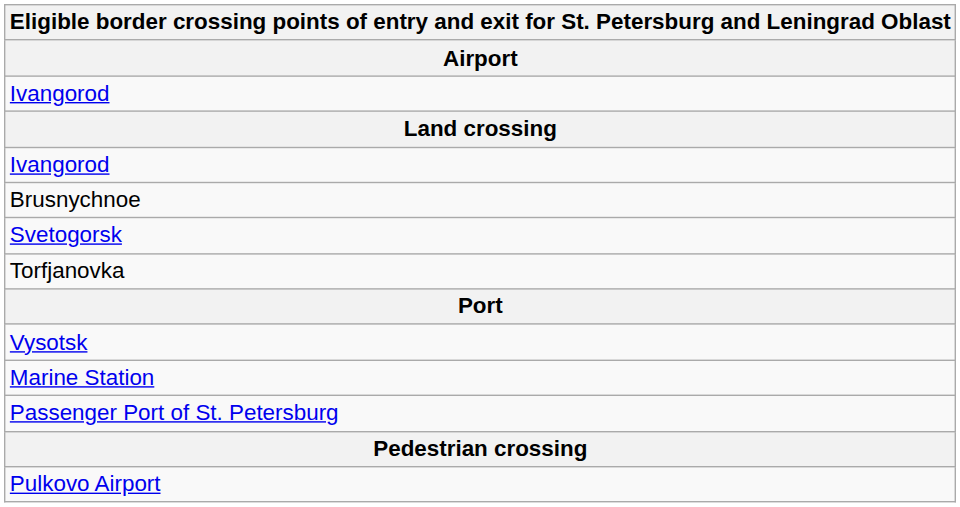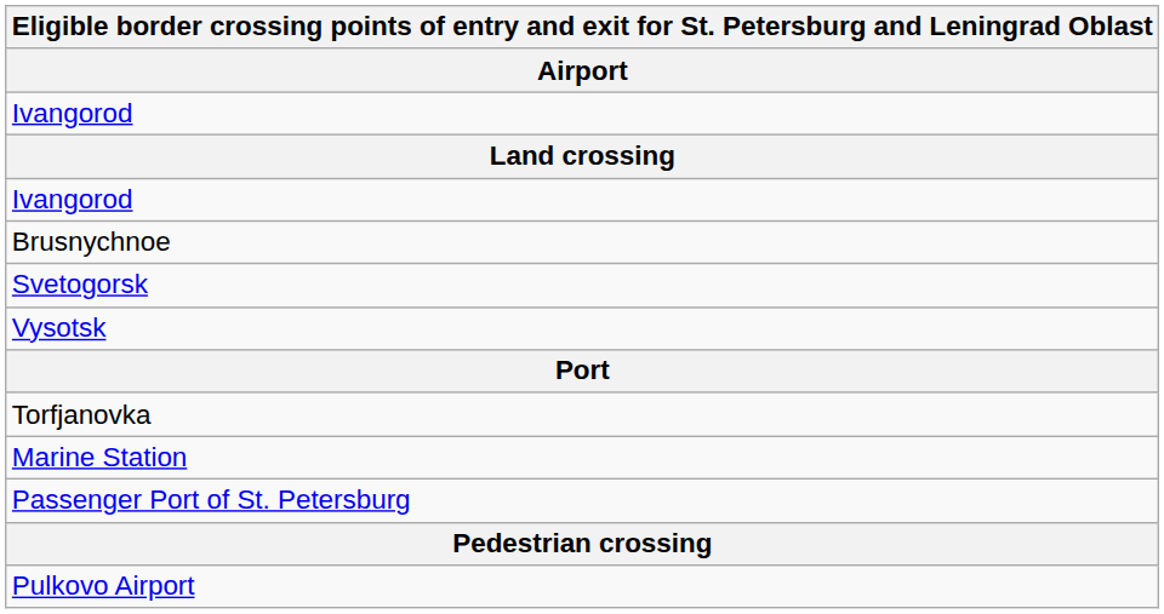 <table class="wikitable collapsible collapsed">
 <tr>
 <th>Eligible border crossing points of entry and exit for St. Petersburg and Leningrad Oblast</th>
 </tr>
 <tr>
 <th>Airport</th>
 </tr>
 <tr>
 <td><a href='#'>Ivangorod</a></td>
 </tr>
 <tr>
 <th>Land crossing</th>
 </tr>
 <tr>
 <td><a href='#'>Ivangorod</a></td>
 </tr>
 <tr>
 <td>Brusnychnoe</td>
 </tr>
 <tr>
 <td><a href='#'>Svetogorsk</a></td>
 </tr>
 <tr>
-<td>Torfjanovka</td>
+<td><a href='#'>Vysotsk</a></td>
 </tr>
 <tr>
 <th>Port</th>
 </tr>
 <tr>
-<td><a href='#'>Vysotsk</a></td>
+<td>Torfjanovka</td>
 </tr>
 <tr>
 <td><a href='#'>Marine Station</a></td>
 </tr>
 <tr>
 <td><a href='#'>Passenger Port of St. Petersburg</a></td>
 </tr>
 <tr>
 <th>Pedestrian crossing</th>
 </tr>
 <tr>
 <td><a href='#'>Pulkovo Airport</a></td>
 </tr>
 </table>
